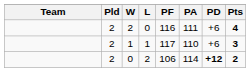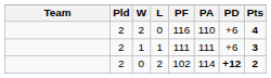 <table class=wikitable>
 <tr align=center>
 </tr>
 <tr>
 <th width=150>Team</th>
 <th width=20>Pld</th>
 <th width=20>W</th>
 <th width=20>L</th>
 <th width=30>PF</th>
 <th width=30>PA</th>
 <th width=30>PD</th>
 <th width=20>Pts</th>
 </tr>
 <tr align=center>
 <td align=left></td>
 <td>2</td>
 <td>2</td>
 <td>0</td>
 <td>116</td>
-<td>111</td>
+<td>110</td>
 <td>+6</td>
 <td><strong>4</strong></td>
 </tr>
 <tr align=center>
 <td align=left></td>
 <td>2</td>
 <td>1</td>
 <td>1</td>
-<td>117</td>
-<td>110</td>
+<td>111</td>
+<td>111</td>
 <td>+6</td>
 <td><strong>3</strong></td>
 </tr>
 <tr align=center>
 <td align=left></td>
 <td>2</td>
 <td>0</td>
 <td>2</td>
-<td>106</td>
+<td>102</td>
 <td>114</td>
 <td><strong>+12</strong></td>
 <td><strong>2</strong></td>
 </tr>
 </table>
